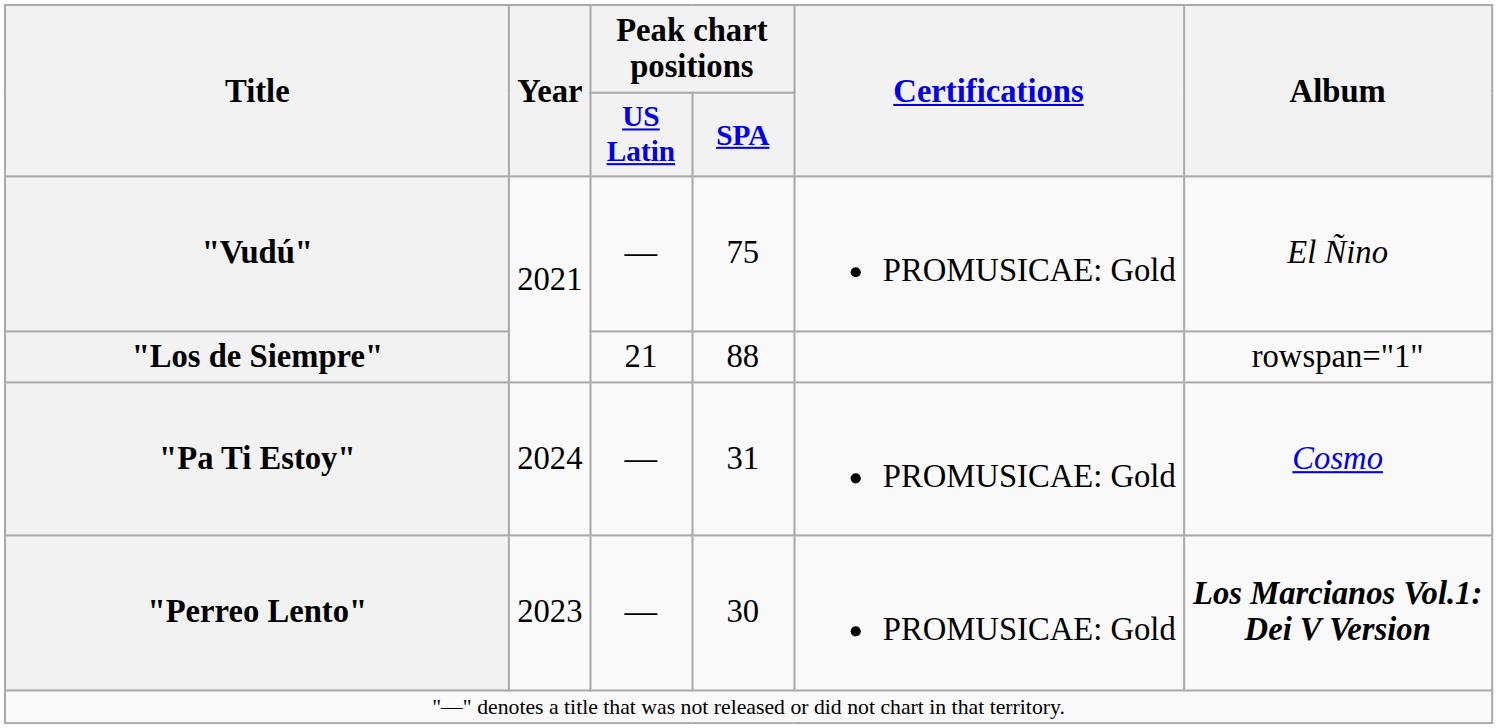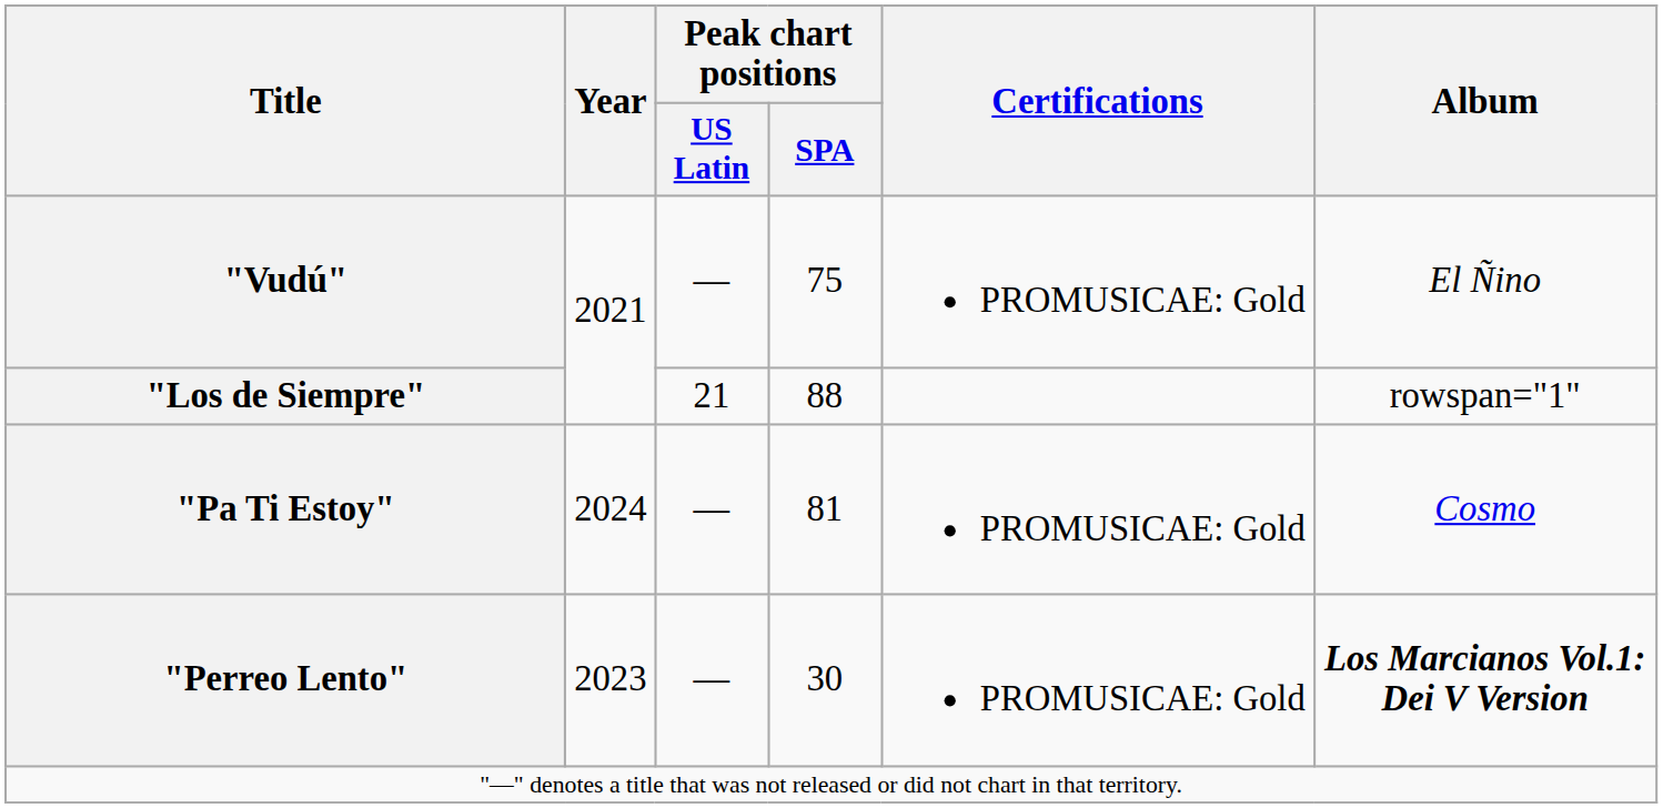 <table class="wikitable plainrowheaders" style="text-align:center;">
 <tr>
 <th scope="col" rowspan="2" style="width:15em;">Title</th>
 <th scope="col" rowspan="2" style="width:1em;">Year</th>
 <th scope="col" colspan="2">Peak chart positions</th>
 <th scope="col" rowspan="2"><a href='#'>Certifications</a></th>
 <th scope="col" rowspan="2" style="width:9em;">Album</th>
 </tr>
 <tr>
 <th scope="col" style="width:3em;font-size:90%;"><a href='#'>US<br>Latin</a><br></th>
 <th scope="col" style="width:3em;font-size:90%;"><a href='#'>SPA</a><br></th>
 </tr>
 <tr>
 <th scope="row">"Vudú"<br></th>
 <td rowspan="2">2021</td>
 <td>—</td>
 <td>75</td>
 <td><br><ul><li>PROMUSICAE: Gold</li></ul></td>
 <td><em>El Ñino</em></td>
 </tr>
 <tr>
 <th scope="row">"Los de Siempre"<br></th>
 <td>21</td>
 <td>88</td>
 <td></td>
 <td>rowspan="1" </td>
 </tr>
 <tr>
 <th scope="row">"Pa Ti Estoy"<br></th>
 <td>2024</td>
 <td>—</td>
-<td>31</td>
+<td>81</td>
 <td><br><ul><li>PROMUSICAE: Gold</li></ul></td>
 <td><em><a href='#'>Cosmo</a></em></td>
 </tr>
 <tr>
 <th scope="row">"Perreo Lento"<br></th>
 <td>2023</td>
 <td>—</td>
 <td>30</td>
 <td><br><ul><li>PROMUSICAE: Gold</li></ul></td>
 <td><strong><em>Los Marcianos Vol.1: Dei V Version</em></strong></td>
 </tr>
 <tr>
 <td colspan="14" style="font-size:8pt;">"—" denotes a title that was not released or did not chart in that territory.</td>
 </tr>
 </table>
